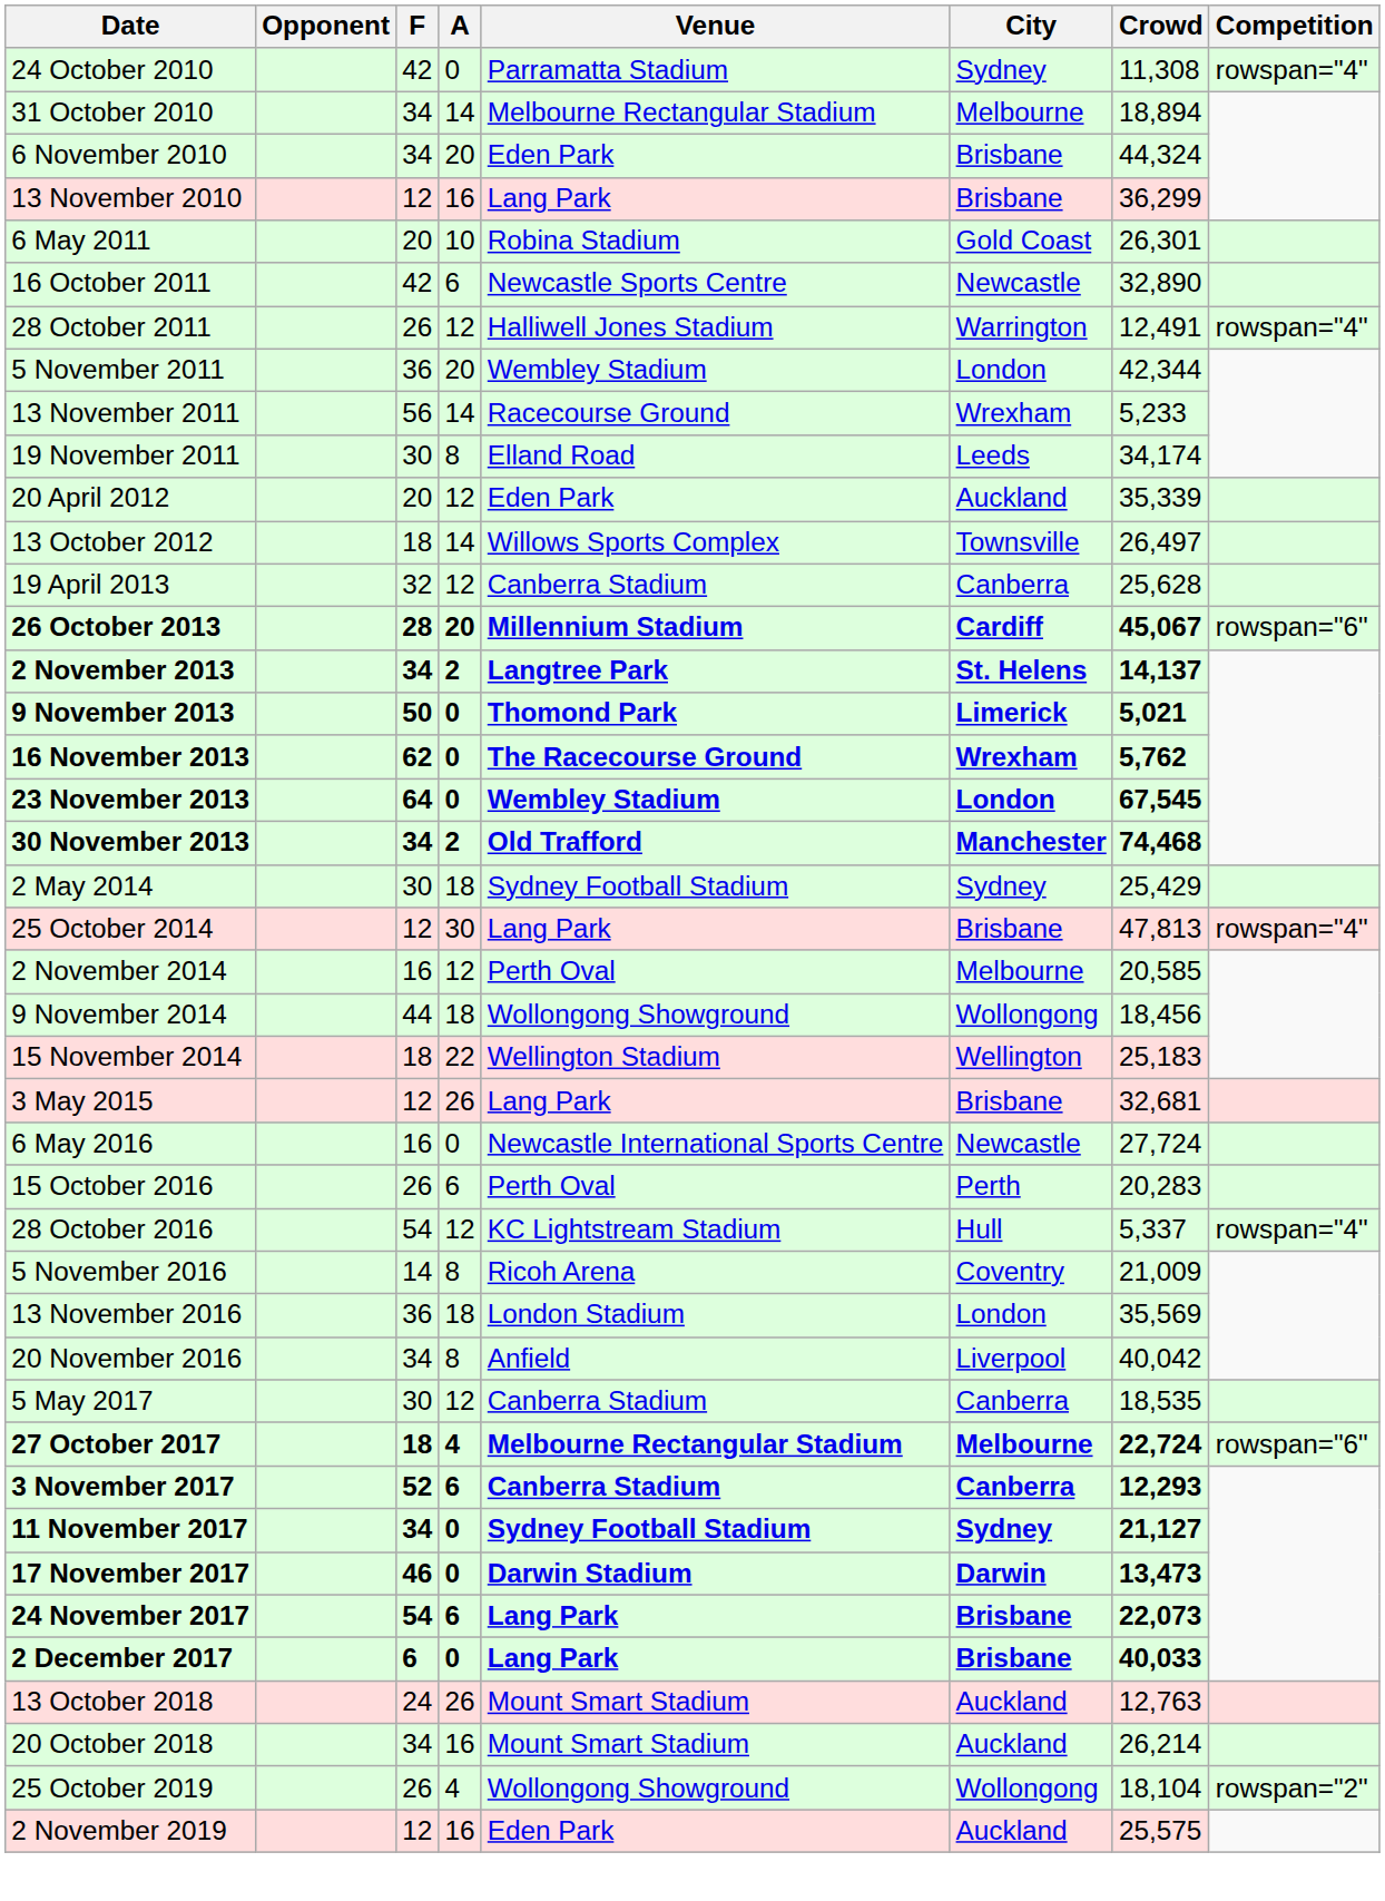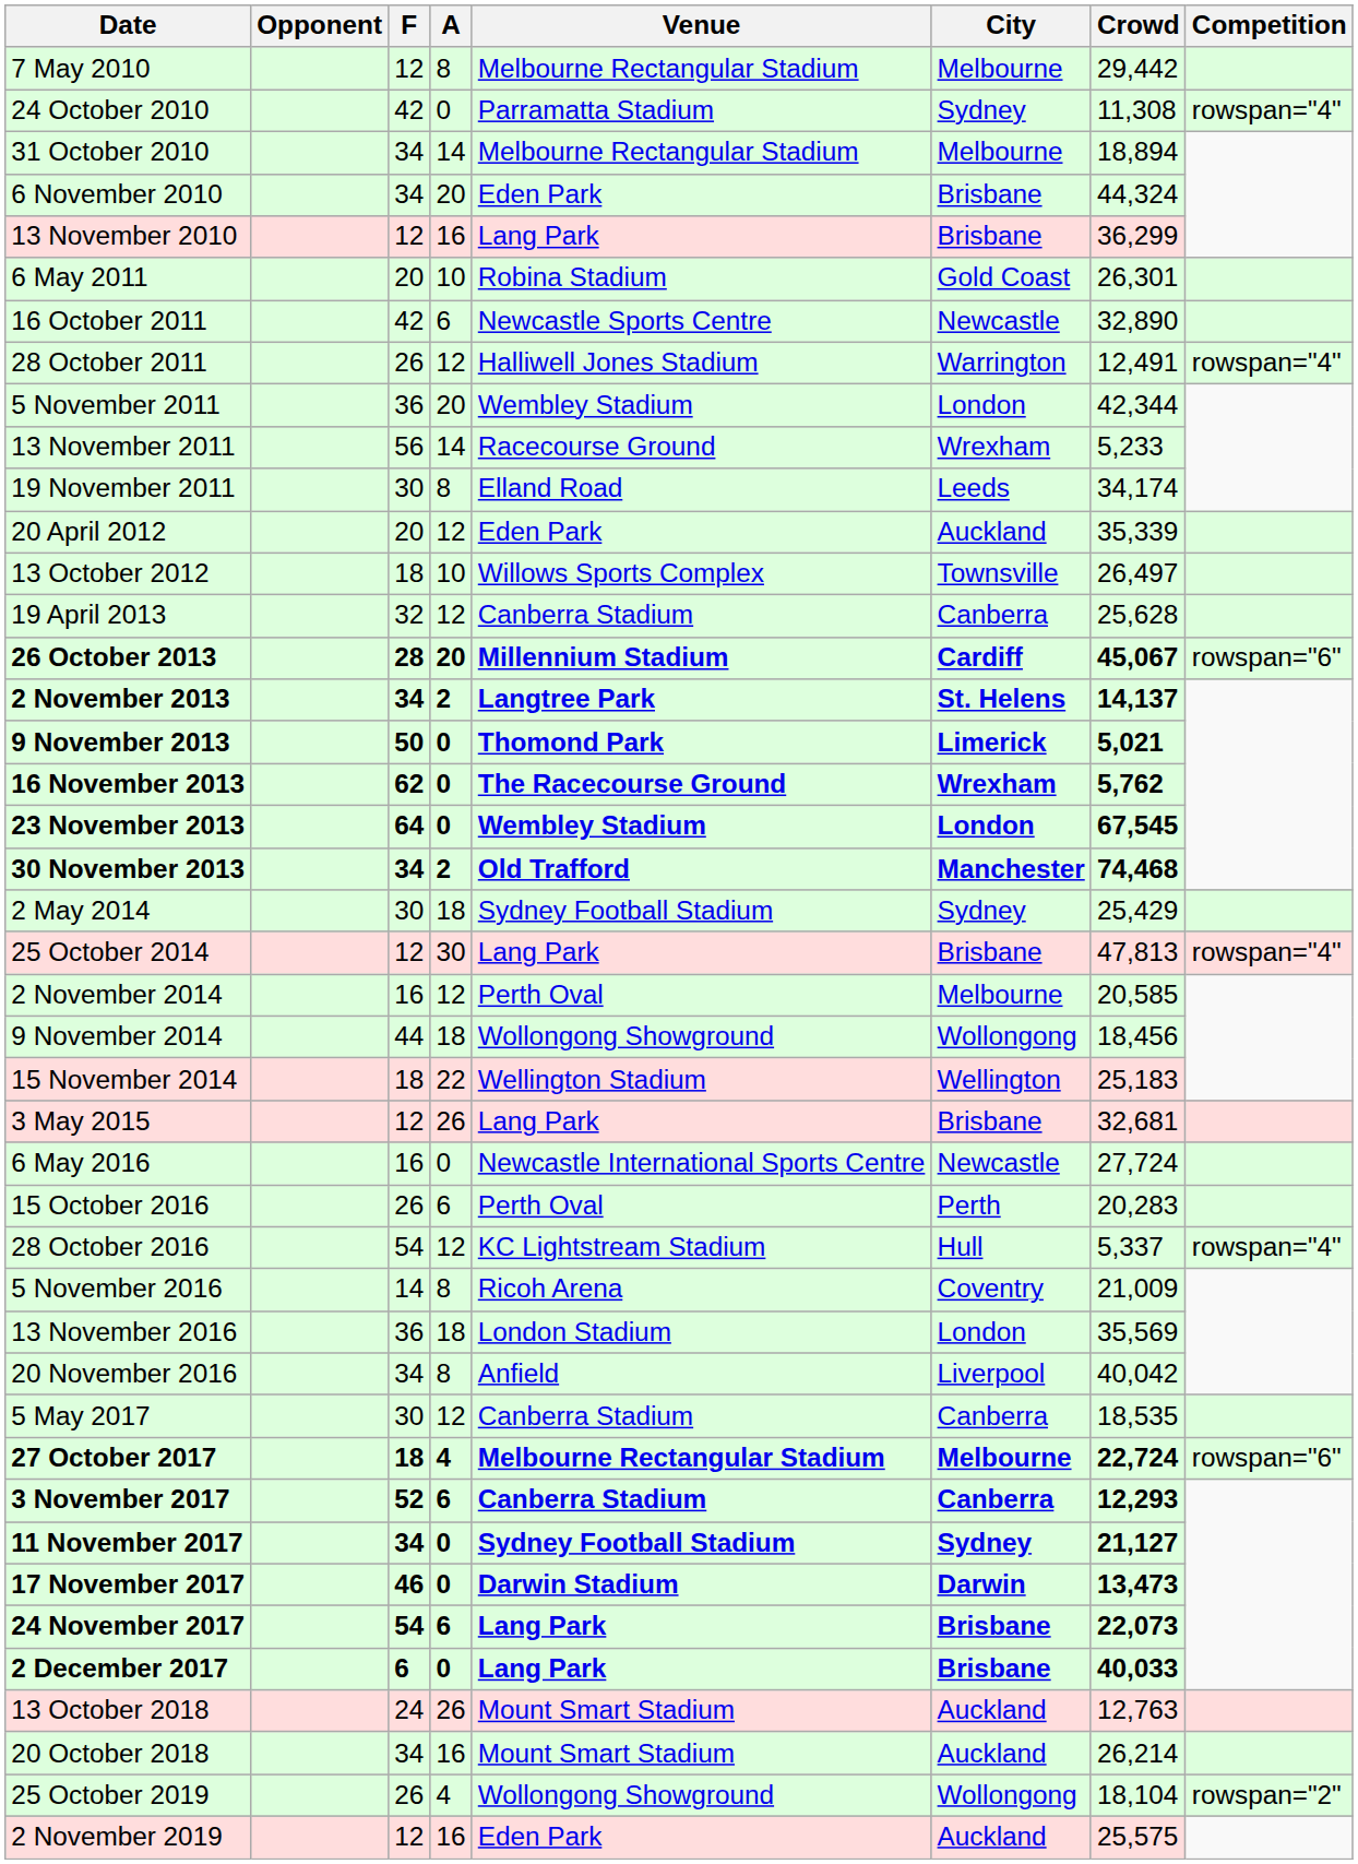 <table class="wikitable sortable">
 <tr>
 <th>Date</th>
 <th>Opponent</th>
 <th>F</th>
 <th>A</th>
 <th>Venue</th>
 <th>City</th>
 <th>Crowd</th>
 <th>Competition</th>
+</tr>
+<tr style="background:#ddffdd;">
+<td>7 May 2010</td>
+<td></td>
+<td>12</td>
+<td>8</td>
+<td><a href='#'>Melbourne Rectangular Stadium</a></td>
+<td><a href='#'>Melbourne</a></td>
+<td>29,442</td>
+<td></td>
 </tr>
 <tr style="background:#ddffdd;">
 <td>24 October 2010</td>
 <td></td>
 <td>42</td>
 <td>0</td>
 <td><a href='#'>Parramatta Stadium</a></td>
 <td><a href='#'>Sydney</a></td>
 <td>11,308</td>
 <td>rowspan="4" </td>
 </tr>
 <tr style="background:#ddffdd;">
 <td>31 October 2010</td>
 <td></td>
 <td>34</td>
 <td>14</td>
 <td><a href='#'>Melbourne Rectangular Stadium</a></td>
 <td><a href='#'>Melbourne</a></td>
 <td>18,894</td>
 </tr>
 <tr style="background:#ddffdd;">
 <td>6 November 2010</td>
 <td></td>
 <td>34</td>
 <td>20</td>
 <td><a href='#'>Eden Park</a></td>
 <td><a href='#'>Brisbane</a></td>
 <td>44,324</td>
 </tr>
 <tr style="background:#ffdddd;">
 <td>13 November 2010</td>
 <td></td>
 <td>12</td>
 <td>16</td>
 <td><a href='#'>Lang Park</a></td>
 <td><a href='#'>Brisbane</a></td>
 <td>36,299</td>
 </tr>
 <tr style="background:#ddffdd;">
 <td>6 May 2011</td>
 <td></td>
 <td>20</td>
 <td>10</td>
 <td><a href='#'>Robina Stadium</a></td>
 <td><a href='#'>Gold Coast</a></td>
 <td>26,301</td>
 <td></td>
 </tr>
 <tr style="background:#ddffdd;">
 <td>16 October 2011</td>
 <td></td>
 <td>42</td>
 <td>6</td>
 <td><a href='#'>Newcastle Sports Centre</a></td>
 <td><a href='#'>Newcastle</a></td>
 <td>32,890</td>
 <td></td>
 </tr>
 <tr style="background:#ddffdd;">
 <td>28 October 2011</td>
 <td></td>
 <td>26</td>
 <td>12</td>
 <td><a href='#'>Halliwell Jones Stadium</a></td>
 <td><a href='#'>Warrington</a></td>
 <td>12,491</td>
 <td>rowspan="4" </td>
 </tr>
 <tr style="background:#ddffdd;">
 <td>5 November 2011</td>
 <td></td>
 <td>36</td>
 <td>20</td>
 <td><a href='#'>Wembley Stadium</a></td>
 <td><a href='#'>London</a></td>
 <td>42,344</td>
 </tr>
 <tr style="background:#ddffdd;">
 <td>13 November 2011</td>
 <td></td>
 <td>56</td>
 <td>14</td>
 <td><a href='#'>Racecourse Ground</a></td>
 <td><a href='#'>Wrexham</a></td>
 <td>5,233</td>
 </tr>
 <tr style="background:#ddffdd;">
 <td>19 November 2011</td>
 <td></td>
 <td>30</td>
 <td>8</td>
 <td><a href='#'>Elland Road</a></td>
 <td><a href='#'>Leeds</a></td>
 <td>34,174</td>
 </tr>
 <tr style="background:#ddffdd;">
 <td>20 April 2012</td>
 <td></td>
 <td>20</td>
 <td>12</td>
 <td><a href='#'>Eden Park</a></td>
 <td><a href='#'>Auckland</a></td>
 <td>35,339</td>
 <td></td>
 </tr>
 <tr style="background:#ddffdd;">
 <td>13 October 2012</td>
 <td></td>
 <td>18</td>
-<td>14</td>
+<td>10</td>
 <td><a href='#'>Willows Sports Complex</a></td>
 <td><a href='#'>Townsville</a></td>
 <td>26,497</td>
 <td></td>
 </tr>
 <tr style="background:#ddffdd;">
 <td>19 April 2013</td>
 <td></td>
 <td>32</td>
 <td>12</td>
 <td><a href='#'>Canberra Stadium</a></td>
 <td><a href='#'>Canberra</a></td>
 <td>25,628</td>
 <td></td>
 </tr>
 <tr style="background:#ddffdd;">
 <td><strong>26 October</strong> <strong>2013</strong></td>
 <td><strong></strong></td>
 <td><strong>28</strong></td>
 <td><strong>20</strong></td>
 <td><strong><a href='#'>Millennium Stadium</a></strong></td>
 <td><strong><a href='#'>Cardiff</a></strong></td>
 <td><strong>45,067</strong></td>
 <td>rowspan="6" </td>
 </tr>
 <tr style="background:#ddffdd;">
 <td><strong>2 November</strong> <strong>2013</strong></td>
 <td><strong></strong></td>
 <td><strong>34</strong></td>
 <td><strong>2</strong></td>
 <td><strong><a href='#'>Langtree Park</a></strong></td>
 <td><strong><a href='#'>St. Helens</a></strong></td>
 <td><strong>14,137</strong></td>
 </tr>
 <tr style="background:#ddffdd;">
 <td><strong>9 November</strong> <strong>2013</strong></td>
 <td><strong></strong></td>
 <td><strong>50</strong></td>
 <td><strong>0</strong></td>
 <td><strong><a href='#'>Thomond Park</a></strong></td>
 <td><strong><a href='#'>Limerick</a></strong></td>
 <td><strong>5,021</strong></td>
 </tr>
 <tr style="background:#ddffdd;">
 <td><strong>16 November</strong> <strong>2013</strong></td>
 <td><strong></strong></td>
 <td><strong>62</strong></td>
 <td><strong>0</strong></td>
 <td><strong><a href='#'>The Racecourse Ground</a></strong></td>
 <td><strong><a href='#'>Wrexham</a></strong></td>
 <td><strong>5,762</strong></td>
 </tr>
 <tr style="background:#ddffdd;">
 <td><strong>23 November</strong> <strong>2013</strong></td>
 <td><strong></strong></td>
 <td><strong>64</strong></td>
 <td><strong>0</strong></td>
 <td><strong><a href='#'>Wembley Stadium</a></strong></td>
 <td><strong><a href='#'>London</a></strong></td>
 <td><strong>67,545</strong></td>
 </tr>
 <tr style="background:#ddffdd;">
 <td><strong>30 November</strong> <strong>2013</strong></td>
 <td><strong></strong></td>
 <td><strong>34</strong></td>
 <td><strong>2</strong></td>
 <td><strong><a href='#'>Old Trafford</a></strong></td>
 <td><strong><a href='#'>Manchester</a></strong></td>
 <td><strong>74,468</strong></td>
 </tr>
 <tr style="background:#ddffdd;">
 <td>2 May 2014</td>
 <td></td>
 <td>30</td>
 <td>18</td>
 <td><a href='#'>Sydney Football Stadium</a></td>
 <td><a href='#'>Sydney</a></td>
 <td>25,429</td>
 <td></td>
 </tr>
 <tr style="background:#ffdddd;">
 <td>25 October 2014</td>
 <td></td>
 <td>12</td>
 <td>30</td>
 <td><a href='#'>Lang Park</a></td>
 <td><a href='#'>Brisbane</a></td>
 <td>47,813</td>
 <td>rowspan="4" </td>
 </tr>
 <tr style="background:#ddffdd;">
 <td>2 November 2014</td>
 <td></td>
 <td>16</td>
 <td>12</td>
 <td><a href='#'>Perth Oval</a></td>
 <td><a href='#'>Melbourne</a></td>
 <td>20,585</td>
 </tr>
 <tr style="background:#ddffdd;">
 <td>9 November 2014</td>
 <td></td>
 <td>44</td>
 <td>18</td>
 <td><a href='#'>Wollongong Showground</a></td>
 <td><a href='#'>Wollongong</a></td>
 <td>18,456</td>
 </tr>
 <tr style="background:#ffdddd;">
 <td>15 November 2014</td>
 <td></td>
 <td>18</td>
 <td>22</td>
 <td><a href='#'>Wellington Stadium</a></td>
 <td><a href='#'>Wellington</a></td>
 <td>25,183</td>
 </tr>
 <tr style="background:#ffdddd;">
 <td>3 May 2015</td>
 <td></td>
 <td>12</td>
 <td>26</td>
 <td><a href='#'>Lang Park</a></td>
 <td><a href='#'>Brisbane</a></td>
 <td>32,681</td>
 <td></td>
 </tr>
 <tr style="background:#ddffdd;">
 <td>6 May 2016</td>
 <td></td>
 <td>16</td>
 <td>0</td>
 <td><a href='#'>Newcastle International Sports Centre</a></td>
 <td><a href='#'>Newcastle</a></td>
 <td>27,724</td>
 <td></td>
 </tr>
 <tr style="background:#ddffdd;">
 <td>15 October 2016</td>
 <td></td>
 <td>26</td>
 <td>6</td>
 <td><a href='#'>Perth Oval</a></td>
 <td><a href='#'>Perth</a></td>
 <td>20,283</td>
 <td></td>
 </tr>
 <tr style="background:#ddffdd;">
 <td>28 October 2016</td>
 <td></td>
 <td>54</td>
 <td>12</td>
 <td><a href='#'>KC Lightstream Stadium</a></td>
 <td><a href='#'>Hull</a></td>
 <td>5,337</td>
 <td>rowspan="4" </td>
 </tr>
 <tr style="background:#ddffdd;">
 <td>5 November 2016</td>
 <td></td>
 <td>14</td>
 <td>8</td>
 <td><a href='#'>Ricoh Arena</a></td>
 <td><a href='#'>Coventry</a></td>
 <td>21,009</td>
 </tr>
 <tr style="background:#ddffdd;">
 <td>13 November 2016</td>
 <td></td>
 <td>36</td>
 <td>18</td>
 <td><a href='#'>London Stadium</a></td>
 <td><a href='#'>London</a></td>
 <td>35,569</td>
 </tr>
 <tr style="background:#ddffdd;">
 <td>20 November 2016</td>
 <td></td>
 <td>34</td>
 <td>8</td>
 <td><a href='#'>Anfield</a></td>
 <td><a href='#'>Liverpool</a></td>
 <td>40,042</td>
 </tr>
 <tr style="background:#ddffdd;">
 <td>5 May 2017</td>
 <td></td>
 <td>30</td>
 <td>12</td>
 <td><a href='#'>Canberra Stadium</a></td>
 <td><a href='#'>Canberra</a></td>
 <td>18,535</td>
 <td></td>
 </tr>
 <tr style="background:#ddffdd;">
 <td><strong>27 October</strong> <strong>2017</strong></td>
 <td><strong></strong></td>
 <td><strong>18</strong></td>
 <td><strong>4</strong></td>
 <td><strong><a href='#'>Melbourne Rectangular Stadium</a></strong></td>
 <td><strong><a href='#'>Melbourne</a></strong></td>
 <td><strong>22,724</strong></td>
 <td>rowspan="6" </td>
 </tr>
 <tr style="background:#ddffdd;">
 <td><strong>3 November</strong> <strong>2017</strong></td>
 <td><strong></strong></td>
 <td><strong>52</strong></td>
 <td><strong>6</strong></td>
 <td><strong><a href='#'>Canberra Stadium</a></strong></td>
 <td><strong><a href='#'>Canberra</a></strong></td>
 <td><strong>12,293</strong></td>
 </tr>
 <tr style="background:#ddffdd;">
 <td><strong>11 November</strong> <strong>2017</strong></td>
 <td><strong></strong></td>
 <td><strong>34</strong></td>
 <td><strong>0</strong></td>
 <td><strong><a href='#'>Sydney Football Stadium</a></strong></td>
 <td><strong><a href='#'>Sydney</a></strong></td>
 <td><strong>21,127</strong></td>
 </tr>
 <tr style="background:#ddffdd;">
 <td><strong>17 November</strong> <strong>2017</strong></td>
 <td><strong></strong></td>
 <td><strong>46</strong></td>
 <td><strong>0</strong></td>
 <td><a href='#'><strong>Darwin Stadium</strong></a></td>
 <td><a href='#'><strong>Darwin</strong></a></td>
 <td><strong>13,473</strong></td>
 </tr>
 <tr style="background:#ddffdd;">
 <td><strong>24 November</strong> <strong>2017</strong></td>
 <td><strong></strong></td>
 <td><strong>54</strong></td>
 <td><strong>6</strong></td>
 <td><strong><a href='#'>Lang Park</a></strong></td>
 <td><strong><a href='#'>Brisbane</a></strong></td>
 <td><strong>22,073</strong></td>
 </tr>
 <tr style="background:#ddffdd;">
 <td><strong>2 December</strong> <strong>2017</strong></td>
 <td><strong></strong></td>
 <td><strong>6</strong></td>
 <td><strong>0</strong></td>
 <td><strong><a href='#'>Lang Park</a></strong></td>
 <td><strong><a href='#'>Brisbane</a></strong></td>
 <td><strong>40,033</strong></td>
 </tr>
 <tr style="background:#ffdddd;">
 <td>13 October 2018</td>
 <td></td>
 <td>24</td>
 <td>26</td>
 <td><a href='#'>Mount Smart Stadium</a></td>
 <td><a href='#'>Auckland</a></td>
 <td>12,763</td>
 <td></td>
 </tr>
 <tr style="background:#ddffdd;">
 <td>20 October 2018</td>
 <td></td>
 <td>34</td>
 <td>16</td>
 <td><a href='#'>Mount Smart Stadium</a></td>
 <td><a href='#'>Auckland</a></td>
 <td>26,214</td>
 <td></td>
 </tr>
 <tr style="background:#ddffdd;">
 <td>25 October 2019</td>
 <td></td>
 <td>26</td>
 <td>4</td>
 <td><a href='#'>Wollongong Showground</a></td>
 <td><a href='#'>Wollongong</a></td>
 <td>18,104</td>
 <td>rowspan="2" </td>
 </tr>
 <tr style="background:#ffdddd;">
 <td>2 November 2019</td>
 <td></td>
 <td>12</td>
 <td>16</td>
 <td><a href='#'>Eden Park</a></td>
 <td><a href='#'>Auckland</a></td>
 <td>25,575</td>
 </tr>
 </table>
